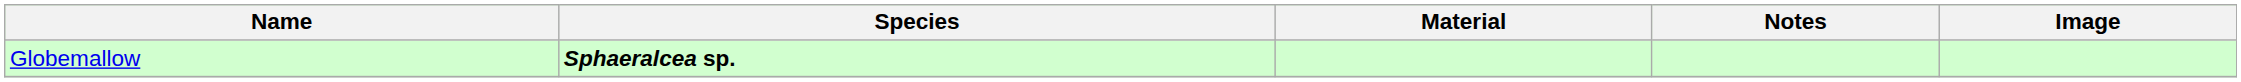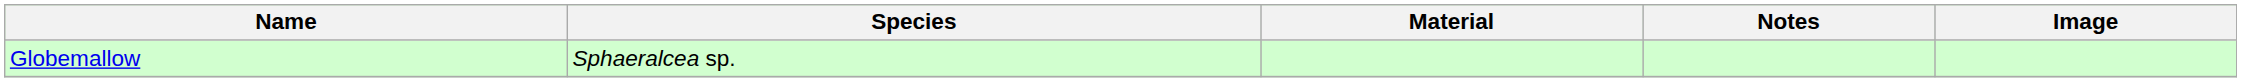 <table class="wikitable" align="center" width="100%" style="background:#D1FFCF;">
 <tr>
 <th>Name</th>
 <th>Species</th>
 <th>Material</th>
 <th>Notes</th>
 <th>Image</th>
 </tr>
 <tr>
 <td><a href='#'>Globemallow</a></td>
-<td><strong><em>Sphaeralcea</em> sp.</strong></td>
+<td><em>Sphaeralcea</em> sp.</td>
 <td></td>
 <td></td>
 <td></td>
 </tr>
 <tr>
 </tr>
 </table>
